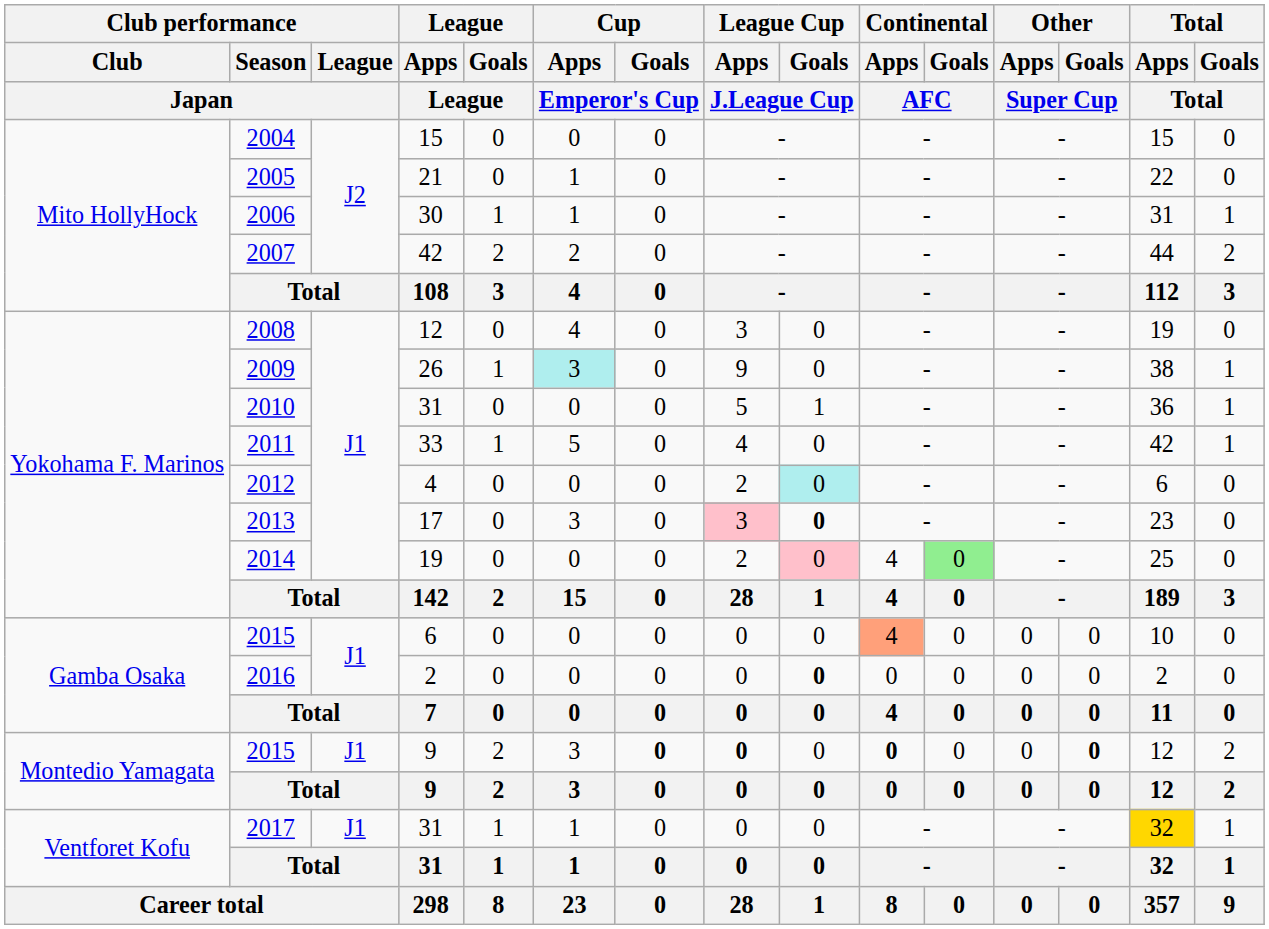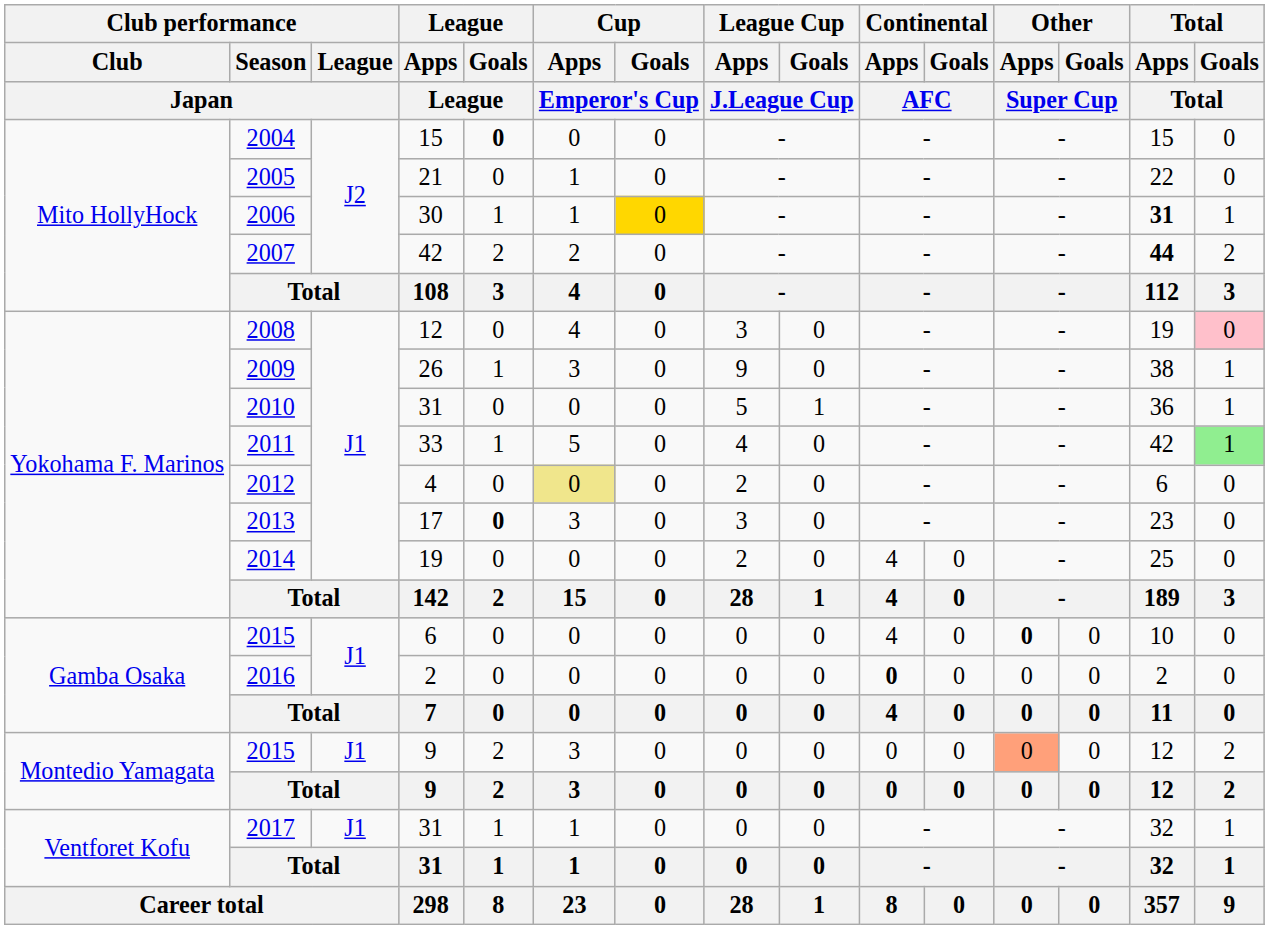 <table class="wikitable" style="text-align:center">
 <tr>
 <th colspan=3>Club performance</th>
 <th colspan=2>League</th>
 <th colspan=2>Cup</th>
 <th colspan=2>League Cup</th>
 <th colspan=2>Continental</th>
 <th colspan=2>Other</th>
 <th colspan=2>Total</th>
 </tr>
 <tr>
 <th>Club</th>
 <th>Season</th>
 <th>League</th>
 <th>Apps</th>
 <th>Goals</th>
 <th>Apps</th>
 <th>Goals</th>
 <th>Apps</th>
 <th>Goals</th>
 <th>Apps</th>
 <th>Goals</th>
 <th>Apps</th>
 <th>Goals</th>
 <th>Apps</th>
 <th>Goals</th>
 </tr>
 <tr>
 <th colspan=3>Japan</th>
 <th colspan=2>League</th>
 <th colspan=2><a href='#'>Emperor's Cup</a></th>
 <th colspan=2><a href='#'>J.League Cup</a></th>
 <th colspan=2><a href='#'>AFC</a></th>
 <th colspan=2><a href='#'>Super Cup</a></th>
 <th colspan=2>Total</th>
 </tr>
 <tr>
 <td rowspan="5"><a href='#'>Mito HollyHock</a></td>
 <td><a href='#'>2004</a></td>
 <td rowspan="4"><a href='#'>J2</a></td>
 <td>15</td>
-<td>0</td>
+<td><strong>0</strong></td>
 <td>0</td>
 <td>0</td>
 <td colspan="2">-</td>
 <td colspan="2">-</td>
 <td colspan="2">-</td>
 <td>15</td>
 <td>0</td>
 </tr>
 <tr>
 <td><a href='#'>2005</a></td>
 <td>21</td>
 <td>0</td>
 <td>1</td>
 <td>0</td>
 <td colspan="2">-</td>
 <td colspan="2">-</td>
 <td colspan="2">-</td>
 <td>22</td>
 <td>0</td>
 </tr>
 <tr>
 <td><a href='#'>2006</a></td>
 <td>30</td>
 <td>1</td>
 <td>1</td>
-<td>0</td>
+<td style="background: gold;">0</td>
 <td colspan="2">-</td>
 <td colspan="2">-</td>
 <td colspan="2">-</td>
-<td>31</td>
+<td><strong>31</strong></td>
 <td>1</td>
 </tr>
 <tr>
 <td><a href='#'>2007</a></td>
 <td>42</td>
 <td>2</td>
 <td>2</td>
 <td>0</td>
 <td colspan="2">-</td>
 <td colspan="2">-</td>
 <td colspan="2">-</td>
-<td>44</td>
+<td><strong>44</strong></td>
 <td>2</td>
 </tr>
 <tr>
 <th colspan="2">Total</th>
 <th>108</th>
 <th>3</th>
 <th>4</th>
 <th>0</th>
 <th colspan="2">-</th>
 <th colspan="2">-</th>
 <th colspan="2">-</th>
 <th>112</th>
 <th>3</th>
 </tr>
 <tr>
 <td rowspan="8"><a href='#'>Yokohama F. Marinos</a></td>
 <td><a href='#'>2008</a></td>
 <td rowspan="7"><a href='#'>J1</a></td>
 <td>12</td>
 <td>0</td>
 <td>4</td>
 <td>0</td>
 <td>3</td>
 <td>0</td>
 <td colspan="2">-</td>
 <td colspan="2">-</td>
 <td>19</td>
-<td>0</td>
+<td style="background: pink;">0</td>
 </tr>
 <tr>
 <td><a href='#'>2009</a></td>
 <td>26</td>
 <td>1</td>
-<td style="background: paleturquoise;">3</td>
+<td>3</td>
 <td>0</td>
 <td>9</td>
 <td>0</td>
 <td colspan="2">-</td>
 <td colspan="2">-</td>
 <td>38</td>
 <td>1</td>
 </tr>
 <tr>
 <td><a href='#'>2010</a></td>
 <td>31</td>
 <td>0</td>
 <td>0</td>
 <td>0</td>
 <td>5</td>
 <td>1</td>
 <td colspan="2">-</td>
 <td colspan="2">-</td>
 <td>36</td>
 <td>1</td>
 </tr>
 <tr>
 <td><a href='#'>2011</a></td>
 <td>33</td>
 <td>1</td>
 <td>5</td>
 <td>0</td>
 <td>4</td>
 <td>0</td>
 <td colspan="2">-</td>
 <td colspan="2">-</td>
 <td>42</td>
-<td>1</td>
+<td style="background: lightgreen;">1</td>
 </tr>
 <tr>
 <td><a href='#'>2012</a></td>
 <td>4</td>
 <td>0</td>
-<td>0</td>
+<td style="background: khaki;">0</td>
 <td>0</td>
 <td>2</td>
-<td style="background: paleturquoise;">0</td>
+<td>0</td>
 <td colspan="2">-</td>
 <td colspan="2">-</td>
 <td>6</td>
 <td>0</td>
 </tr>
 <tr>
 <td><a href='#'>2013</a></td>
 <td>17</td>
+<td><strong>0</strong></td>
+<td>3</td>
 <td>0</td>
 <td>3</td>
 <td>0</td>
-<td style="background: pink;">3</td>
-<td><strong>0</strong></td>
 <td colspan="2">-</td>
 <td colspan="2">-</td>
 <td>23</td>
 <td>0</td>
 </tr>
 <tr>
 <td><a href='#'>2014</a></td>
 <td>19</td>
 <td>0</td>
 <td>0</td>
 <td>0</td>
 <td>2</td>
-<td style="background: pink;">0</td>
+<td>0</td>
 <td>4</td>
-<td style="background: lightgreen;">0</td>
+<td>0</td>
 <td colspan="2">-</td>
 <td>25</td>
 <td>0</td>
 </tr>
 <tr>
 <th colspan="2">Total</th>
 <th>142</th>
 <th>2</th>
 <th>15</th>
 <th>0</th>
 <th>28</th>
 <th>1</th>
 <th>4</th>
 <th>0</th>
 <th colspan="2">-</th>
 <th>189</th>
 <th>3</th>
 </tr>
 <tr>
 <td rowspan="3"><a href='#'>Gamba Osaka</a></td>
 <td><a href='#'>2015</a></td>
 <td rowspan="2"><a href='#'>J1</a></td>
 <td>6</td>
 <td>0</td>
 <td>0</td>
 <td>0</td>
 <td>0</td>
 <td>0</td>
-<td style="background: lightsalmon;">4</td>
+<td>4</td>
 <td>0</td>
-<td>0</td>
+<td><strong>0</strong></td>
 <td>0</td>
 <td>10</td>
 <td>0</td>
 </tr>
 <tr>
 <td><a href='#'>2016</a></td>
 <td>2</td>
 <td>0</td>
 <td>0</td>
 <td>0</td>
 <td>0</td>
+<td>0</td>
 <td><strong>0</strong></td>
-<td>0</td>
 <td>0</td>
 <td>0</td>
 <td>0</td>
 <td>2</td>
 <td>0</td>
 </tr>
 <tr>
 <th colspan="2">Total</th>
 <th>7</th>
 <th>0</th>
 <th>0</th>
 <th>0</th>
 <th>0</th>
 <th>0</th>
 <th>4</th>
 <th>0</th>
 <th>0</th>
 <th>0</th>
 <th>11</th>
 <th>0</th>
 </tr>
 <tr>
 <td rowspan="2"><a href='#'>Montedio Yamagata</a></td>
 <td><a href='#'>2015</a></td>
 <td><a href='#'>J1</a></td>
 <td>9</td>
 <td>2</td>
 <td>3</td>
-<td><strong>0</strong></td>
-<td><strong>0</strong></td>
-<td>0</td>
-<td><strong>0</strong></td>
 <td>0</td>
 <td>0</td>
-<td><strong>0</strong></td>
+<td>0</td>
+<td>0</td>
+<td>0</td>
+<td style="background: lightsalmon;">0</td>
+<td>0</td>
 <td>12</td>
 <td>2</td>
 </tr>
 <tr>
 <th colspan="2">Total</th>
 <th>9</th>
 <th>2</th>
 <th>3</th>
 <th>0</th>
 <th>0</th>
 <th>0</th>
 <th>0</th>
 <th>0</th>
 <th>0</th>
 <th>0</th>
 <th>12</th>
 <th>2</th>
 </tr>
 <tr>
 <td rowspan="2"><a href='#'>Ventforet Kofu</a></td>
 <td><a href='#'>2017</a></td>
 <td><a href='#'>J1</a></td>
 <td>31</td>
 <td>1</td>
 <td>1</td>
 <td>0</td>
 <td>0</td>
 <td>0</td>
 <td colspan="2">-</td>
 <td colspan="2">-</td>
-<td style="background: gold;">32</td>
+<td>32</td>
 <td>1</td>
 </tr>
 <tr>
 <th colspan="2">Total</th>
 <th>31</th>
 <th>1</th>
 <th>1</th>
 <th>0</th>
 <th>0</th>
 <th>0</th>
 <th colspan="2">-</th>
 <th colspan="2">-</th>
 <th>32</th>
 <th>1</th>
 </tr>
 <tr>
 <th colspan=3>Career total</th>
 <th>298</th>
 <th>8</th>
 <th>23</th>
 <th>0</th>
 <th>28</th>
 <th>1</th>
 <th>8</th>
 <th>0</th>
 <th>0</th>
 <th>0</th>
 <th>357</th>
 <th>9</th>
 </tr>
 </table>
